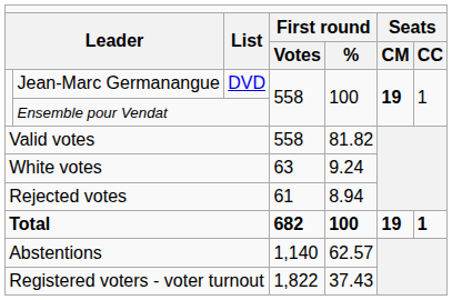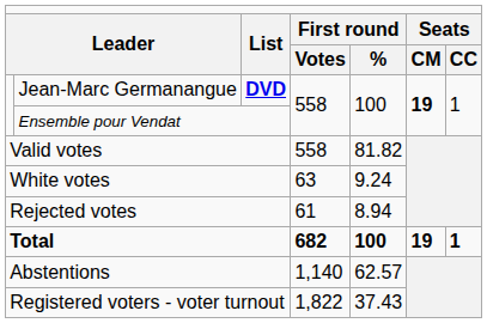 <table class="wikitable">
 <tr>
 <td colspan="7"></td>
 </tr>
 <tr>
 <th colspan="2" rowspan="2">Leader</th>
 <th rowspan="2">List</th>
 <th colspan="2">First round</th>
 <th colspan="2">Seats</th>
 </tr>
 <tr>
 <th>Votes</th>
 <th>%</th>
 <th>CM</th>
 <th>CC</th>
 </tr>
 <tr>
 <td rowspan="2"></td>
 <td>Jean-Marc Germanangue</td>
-<td><a href='#'>DVD</a></td>
+<td><strong><a href='#'>DVD</a></strong></td>
 <td rowspan="2">558</td>
 <td rowspan="2">100</td>
 <td rowspan="2"><strong>19</strong></td>
 <td rowspan="2">1</td>
 </tr>
 <tr>
 <td colspan="2"><em><small>Ensemble pour Vendat</small></em></td>
 </tr>
 <tr>
 <td colspan="3">Valid votes</td>
 <td>558</td>
 <td>81.82</td>
 <th colspan="2" rowspan="3"></th>
 </tr>
 <tr>
 <td colspan="3">White votes</td>
 <td>63</td>
 <td>9.24</td>
 </tr>
 <tr>
 <td colspan="3">Rejected votes</td>
 <td>61</td>
 <td>8.94</td>
 </tr>
 <tr>
 <td colspan="3"><strong>Total</strong></td>
 <td><strong>682</strong></td>
 <td><strong>100</strong></td>
 <td><strong>19</strong></td>
 <td><strong>1</strong></td>
 </tr>
 <tr>
 <td colspan="3">Abstentions</td>
 <td>1,140</td>
 <td>62.57</td>
 <th colspan="2" rowspan="2"></th>
 </tr>
 <tr>
 <td colspan="3">Registered voters - voter turnout</td>
 <td>1,822</td>
 <td>37.43</td>
 </tr>
 </table>
